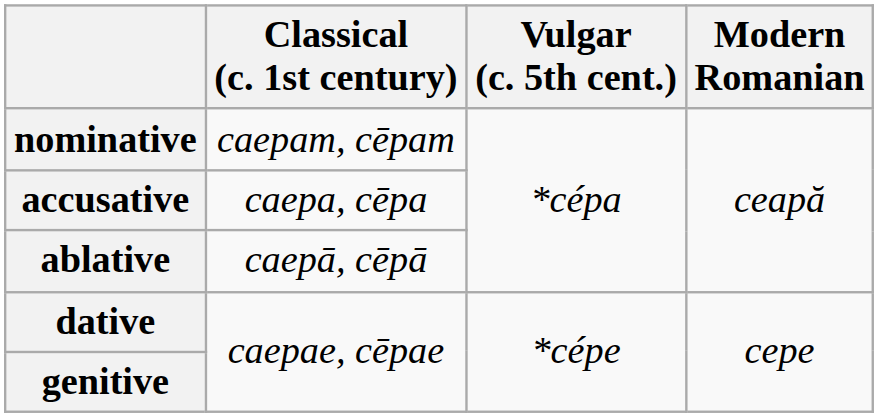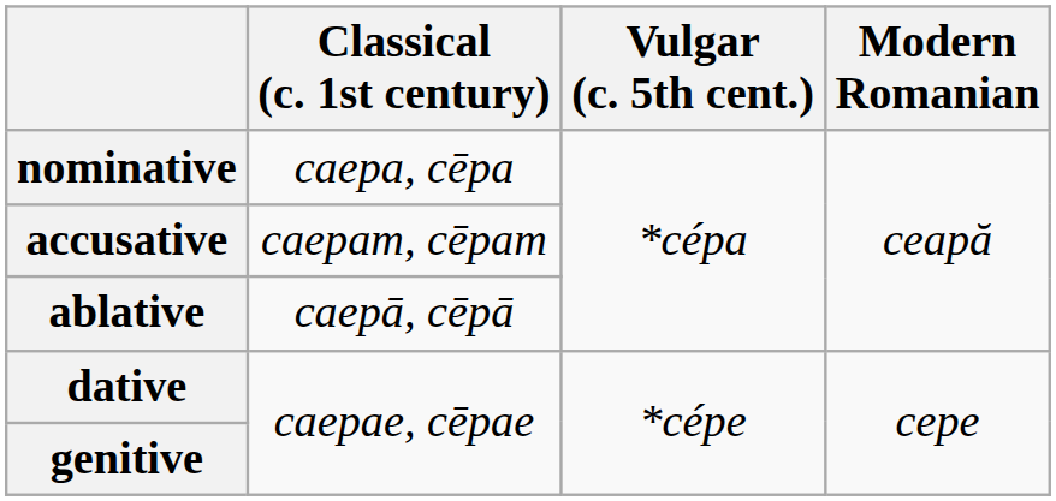 <table class="wikitable" align="center" style="display: inline-table;">
 <tr>
 <th></th>
 <th>Classical <br>(c. 1st century)</th>
 <th>Vulgar<br>(c. 5th cent.)</th>
 <th>Modern<br>Romanian</th>
 </tr>
 <tr align="center">
 <th>nominative</th>
-<td><em>caepam, cēpam</em></td>
+<td><em>caepa, cēpa</em></td>
 <td rowspan="3"><em>*cépa</em></td>
 <td rowspan="3"><em>ceapă</em></td>
 </tr>
 <tr align="center">
 <th>accusative</th>
-<td><em>caepa, cēpa</em></td>
+<td><em>caepam, cēpam</em></td>
 </tr>
 <tr align="center">
 <th>ablative</th>
 <td><em>caepā, cēpā</em></td>
 </tr>
 <tr align="center">
 <th>dative</th>
 <td rowspan="2"><em>caepae, cēpae</em></td>
 <td rowspan="2"><em>*cépe</em></td>
 <td rowspan="2"><em>cepe</em></td>
 </tr>
 <tr align="center">
 <th>genitive</th>
 </tr>
 </table>
